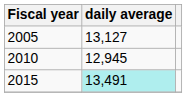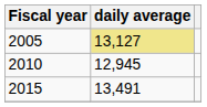 <table class="wikitable">
 <tr>
 <th>Fiscal year</th>
 <th>daily average</th>
 <th></th>
 </tr>
 <tr>
 <td>2005</td>
-<td>13,127</td>
+<td style="background: khaki;">13,127</td>
 <td></td>
 </tr>
 <tr>
 <td>2010</td>
 <td>12,945</td>
 <td></td>
 </tr>
 <tr>
 <td>2015</td>
-<td style="background: paleturquoise;">13,491</td>
+<td>13,491</td>
 <td></td>
 </tr>
 <tr>
 </tr>
 </table>
